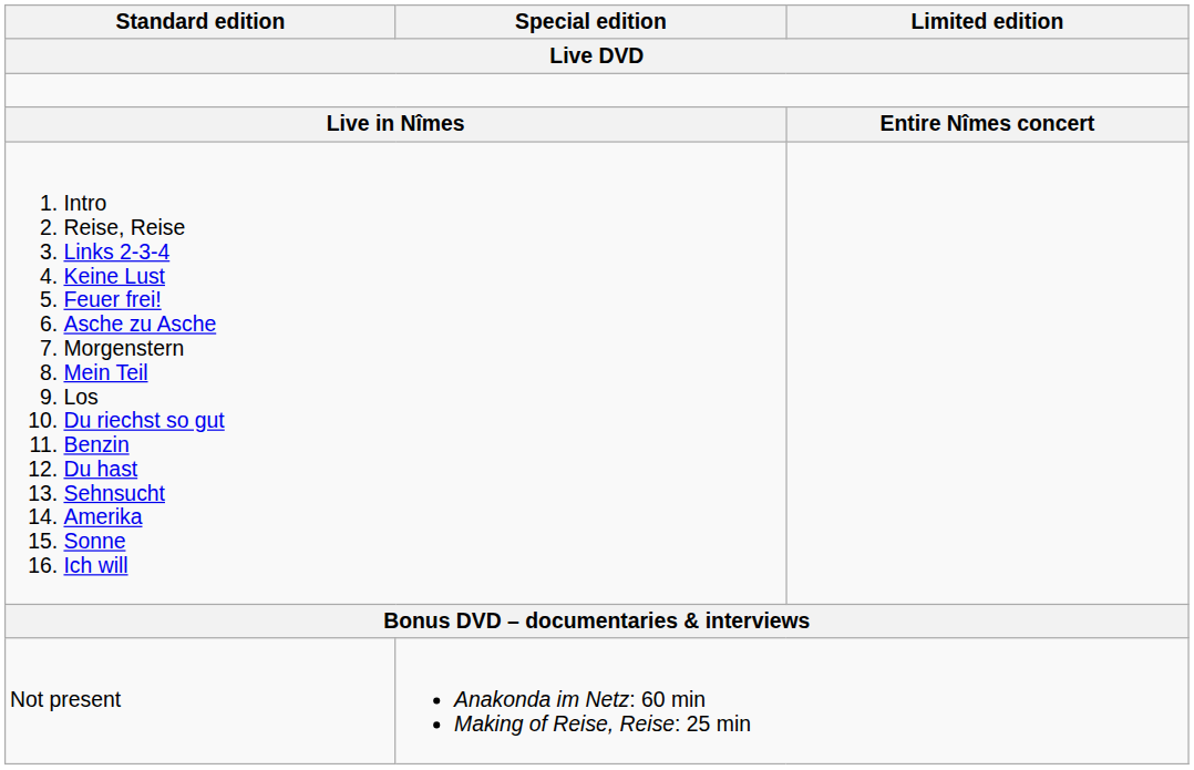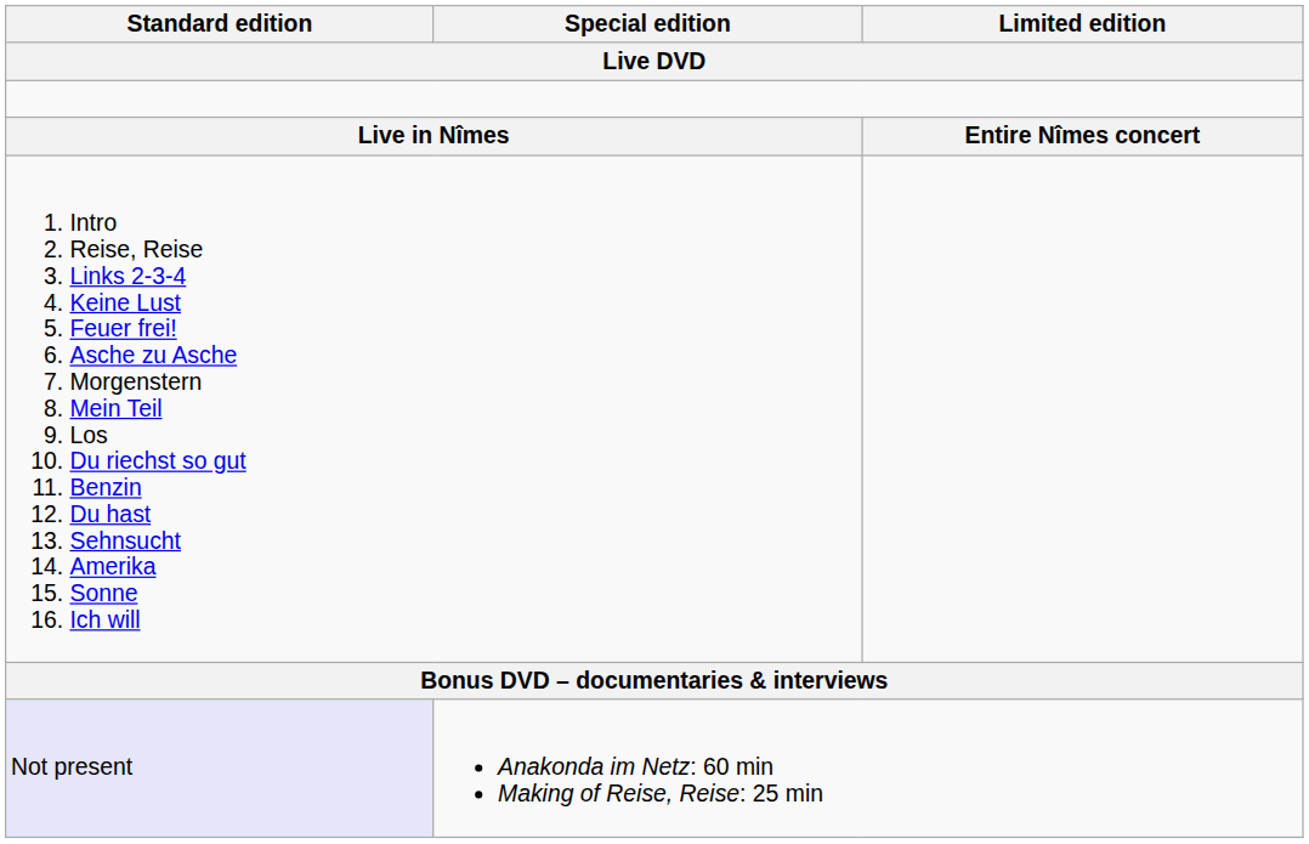 <table class="wikitable" style="width:100%">
 <tr>
 <th width=33%>Standard edition</th>
 <th width=33%>Special edition</th>
 <th width=34%>Limited edition</th>
 </tr>
 <tr>
 <th colspan=3>Live DVD</th>
 </tr>
 <tr>
 <td colspan=3><br></td>
 </tr>
 <tr>
 <th colspan=2>Live in Nîmes</th>
 <th>Entire Nîmes concert</th>
 </tr>
 <tr>
 <td colspan=2><br><ol><li>Intro</li><li>Reise, Reise</li><li><a href='#'>Links 2-3-4</a></li><li><a href='#'>Keine Lust</a></li><li><a href='#'>Feuer frei!</a></li><li><a href='#'>Asche zu Asche</a></li><li>Morgenstern</li><li><a href='#'>Mein Teil</a></li><li>Los</li><li><a href='#'>Du riechst so gut</a></li><li><a href='#'>Benzin</a></li><li><a href='#'>Du hast</a></li><li><a href='#'>Sehnsucht</a></li><li><a href='#'>Amerika</a></li><li><a href='#'>Sonne</a></li><li><a href='#'>Ich will</a></li></ol></td>
 <td><br></td>
 </tr>
 <tr>
 <th colspan=3>Bonus DVD – documentaries & interviews</th>
 </tr>
 <tr>
-<td>Not present</td>
+<td style="background: lavender;">Not present</td>
 <td colspan=2><br><ul><li><em>Anakonda im Netz</em>: 60 min</li><li><em>Making of Reise, Reise</em>: 25 min</li></ul></td>
 </tr>
 </table>
